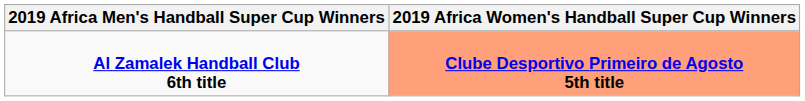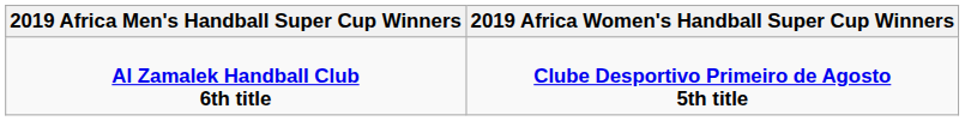 <table class=wikitable style="text-align:center; margin:auto">
 <tr>
 <th>2019 Africa Men's Handball Super Cup Winners</th>
 <th>2019 Africa Women's Handball Super Cup Winners</th>
 </tr>
 <tr>
 <td><br><strong><a href='#'>Al Zamalek Handball Club</a></strong><br><strong>6th title</strong></td>
-<td style="background: lightsalmon;"><br><strong><a href='#'>Clube Desportivo Primeiro de Agosto</a></strong><br><strong>5th title</strong></td>
+<td><br><strong><a href='#'>Clube Desportivo Primeiro de Agosto</a></strong><br><strong>5th title</strong></td>
 </tr>
 </table>
